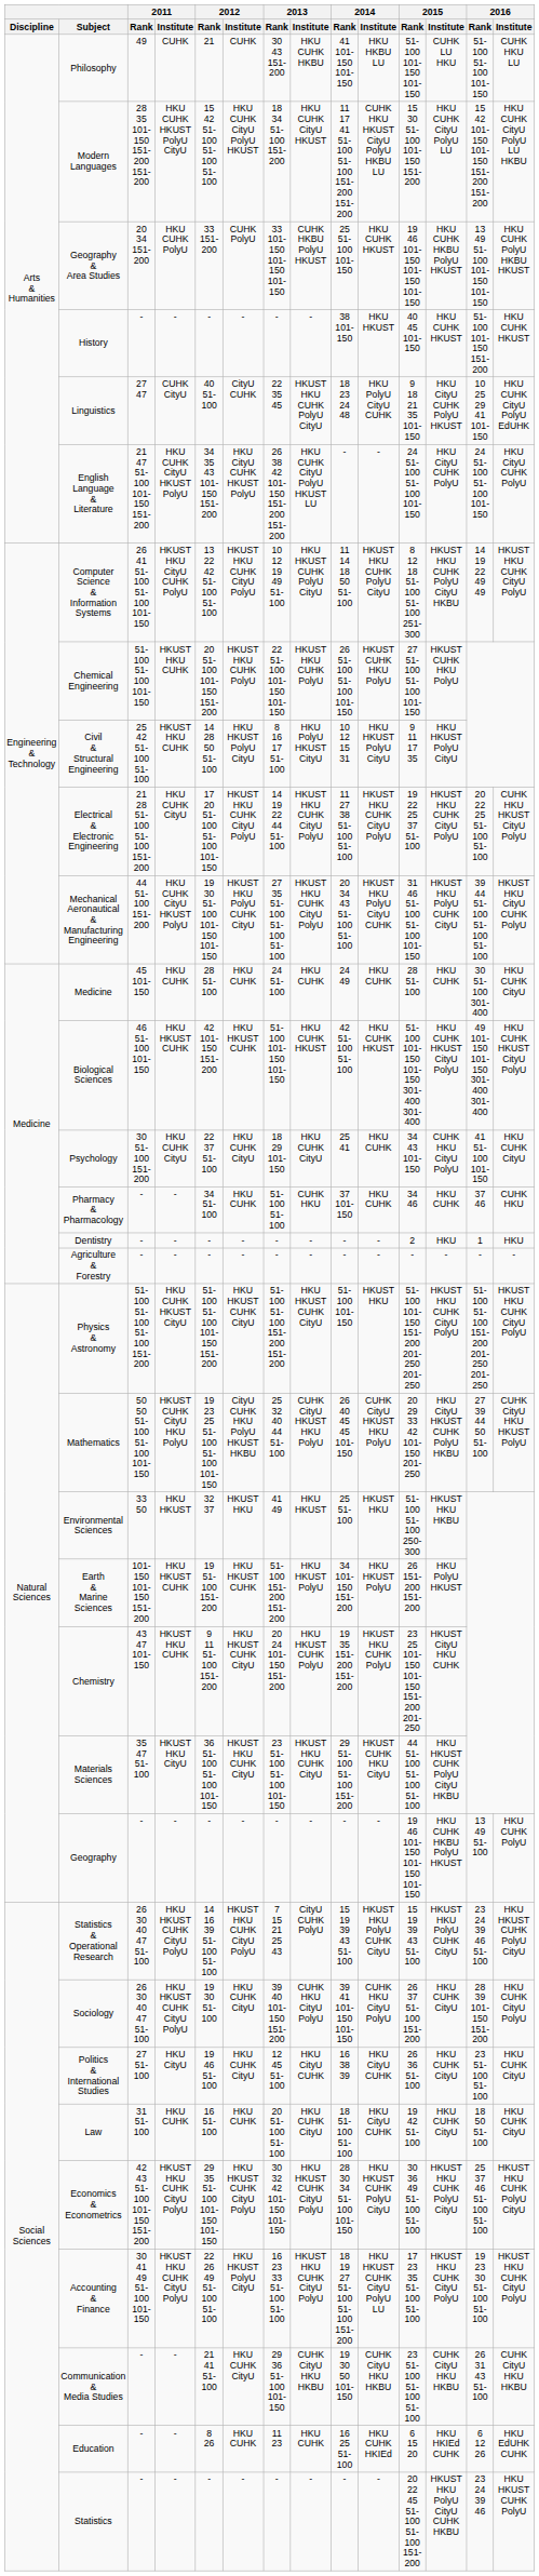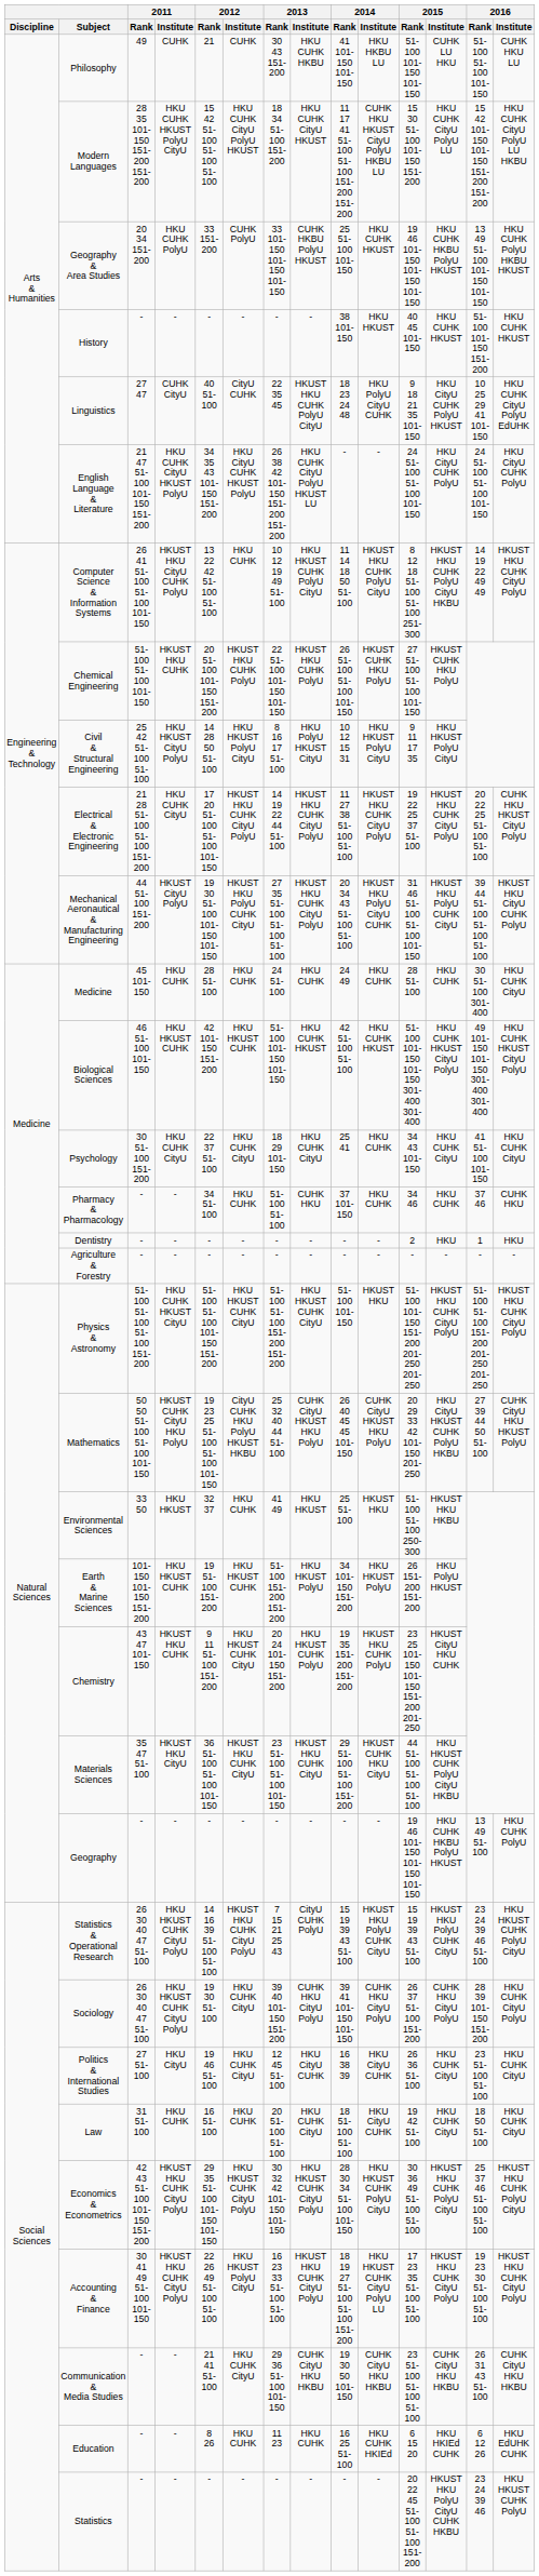 <table class="wikitable">
 <tr>
 <th colspan=2></th>
 <th colspan=2>2011</th>
 <th colspan=2>2012</th>
 <th colspan=2>2013</th>
 <th colspan=2>2014</th>
 <th colspan=2>2015</th>
 <th colspan="2">2016</th>
 </tr>
 <tr>
 <th>Discipline</th>
 <th>Subject</th>
 <th>Rank</th>
 <th>Institute</th>
 <th>Rank</th>
 <th>Institute</th>
 <th>Rank</th>
 <th>Institute</th>
 <th>Rank</th>
 <th>Institute</th>
 <th>Rank</th>
 <th>Institute</th>
 <th>Rank</th>
 <th>Institute</th>
 </tr>
 <tr align=center valign=top>
 <td rowspan=6 valign=middle>Arts<br>&<br>Humanities</td>
 <td valign=middle>Philosophy</td>
 <td> 49</td>
 <td>CUHK</td>
 <td> 21</td>
 <td>CUHK</td>
 <td> 30<br>43<br>151-200</td>
 <td>HKU<br>CUHK<br>HKBU</td>
 <td> 41<br>101-150<br>101-150</td>
 <td>HKU<br>HKBU<br>LU</td>
 <td> 51-100<br>101-150<br>101-150</td>
 <td>CUHK<br>LU<br>HKU</td>
 <td> 51-100<br>51-100<br>101-150</td>
 <td>CUHK<br>HKU<br>LU</td>
 </tr>
 <tr align=center valign=top>
 <td valign=middle>Modern Languages</td>
 <td> 28<br>35<br>101-150<br>151-200<br>151-200</td>
 <td>HKU<br>CUHK<br>HKUST<br>PolyU<br>CityU</td>
 <td> 15<br>42<br>51-100<br>51-100<br>51-100</td>
 <td>HKU<br>CUHK<br>CityU<br>PolyU<br>HKUST</td>
 <td> 18<br>34<br>51-100<br>151-200</td>
 <td>HKU<br>CUHK<br>CityU<br>HKUST</td>
 <td> 11<br>17<br>41<br>51-100<br>51-100<br>151-200<br>151-200</td>
 <td>CUHK<br>HKU<br>HKUST<br>CityU<br>PolyU<br>HKBU<br>LU</td>
 <td> 15<br>30<br>51-100<br>101-150<br>151-200</td>
 <td>HKU<br>CUHK<br>CityU<br>PolyU<br>LU</td>
 <td> 15<br>42<br>101-150<br>101-150<br>151-200<br>151-200</td>
 <td>HKU<br>CUHK<br>CityU<br>PolyU<br>LU<br>HKBU</td>
 </tr>
 <tr align=center valign=top>
 <td valign=middle>Geography<br>&<br>Area Studies</td>
 <td> 20<br>34<br>151-200</td>
 <td>HKU<br>CUHK<br>PolyU</td>
 <td> 33<br>151-200</td>
 <td>CUHK<br>PolyU</td>
 <td> 33<br>101-150<br>101-150<br>101-150</td>
 <td>CUHK<br>HKBU<br>PolyU<br>HKUST</td>
 <td> 25<br>51-100<br>101-150</td>
 <td>HKU<br>CUHK<br>HKUST</td>
 <td> 19<br>46<br>101-150<br>101-150<br>101-150</td>
 <td>HKU<br>CUHK<br>HKBU<br>PolyU<br>HKUST</td>
 <td> 13<br>49<br>51-100<br>101-150<br>101-150</td>
 <td>HKU<br>CUHK<br>PolyU<br>HKBU<br>HKUST</td>
 </tr>
 <tr align=center valign=top>
 <td valign=middle>History</td>
 <td> -</td>
 <td>-</td>
 <td> -</td>
 <td>-</td>
 <td> -</td>
 <td>-</td>
 <td> 38<br>101-150</td>
 <td>HKU<br>HKUST</td>
 <td> 40<br>45<br>101-150</td>
 <td>HKU<br>CUHK<br>HKUST</td>
 <td> 51-100<br>101-150<br>151-200</td>
 <td>HKU<br>CUHK<br>HKUST</td>
 </tr>
 <tr align=center valign=top>
 <td valign=middle>Linguistics</td>
 <td> 27<br>47</td>
 <td>CUHK<br>CityU</td>
 <td> 40<br>51-100</td>
 <td>CityU<br>CUHK</td>
 <td> 22<br>35<br>45</td>
 <td>HKUST<br>HKU<br>CUHK<br>PolyU<br>CityU</td>
 <td> 18<br>23<br>24<br>48</td>
 <td>HKU<br>PolyU<br>CityU<br>CUHK</td>
 <td> 9<br>18<br>21<br>35<br>101-150</td>
 <td>HKU<br>CityU<br>CUHK<br>PolyU<br>HKUST</td>
 <td> 10<br>25<br>29<br>41<br>101-150</td>
 <td>HKU<br>CUHK<br>CityU<br>PolyU<br>EdUHK</td>
 </tr>
 <tr align=center valign=top>
 <td valign=middle>English Language<br>&<br>Literature</td>
 <td> 21<br>47<br>51-100<br>101-150<br>151-200</td>
 <td>HKU<br>CUHK<br>CityU<br>HKUST<br>PolyU</td>
 <td> 34<br>35<br>43<br>101-150<br>151-200</td>
 <td>HKU<br>CityU<br>CUHK<br>HKUST<br>PolyU</td>
 <td> 26<br>38<br>42<br>101-150<br>151-200<br>151-200</td>
 <td>HKU<br>CUHK<br>CityU<br>PolyU<br>HKUST<br>LU</td>
 <td> -</td>
 <td>-</td>
 <td> 24<br>51-100<br>51-100<br>101-150</td>
 <td>HKU<br>CityU<br>CUHK<br>PolyU</td>
 <td> 24<br>51-100<br>51-100<br>101-150</td>
 <td>HKU<br>CityU<br>CUHK<br>PolyU</td>
 </tr>
 <tr align=center valign=top>
 <td rowspan=5 valign=middle>Engineering<br>&<br>Technology</td>
 <td valign=middle>Computer Science<br>&<br>Information Systems</td>
 <td> 26<br>41<br>51-100<br>51-100<br>101-150</td>
 <td>HKUST<br>HKU<br>CityU<br>CUHK<br>PolyU</td>
 <td> 13<br>22<br>42<br>51-100<br>51-100</td>
-<td>HKUST<br>HKU<br>CUHK<br>CityU<br>PolyU</td>
+<td>HKU<br>CUHK</td>
 <td> 10<br>12<br>19<br>49<br>51-100</td>
 <td>HKU<br>HKUST<br>CUHK<br>PolyU<br>CityU</td>
 <td> 11<br>14<br>18<br>50<br>51-100</td>
 <td>HKUST<br>HKU<br>CUHK<br>PolyU<br>CityU</td>
 <td> 8<br>12<br>18<br>51-100<br>51-100<br>251-300</td>
 <td>HKUST<br>HKU<br>CUHK<br>PolyU<br>CityU<br>HKBU</td>
 <td>14<br>19<br>22<br>49<br>49</td>
 <td>HKUST<br>HKU<br>CUHK<br>CityU<br>PolyU</td>
 </tr>
 <tr align=center valign=top>
 <td valign=middle>Chemical Engineering</td>
 <td> 51-100<br>51-100<br>101-150</td>
 <td>HKUST<br>HKU<br>CUHK</td>
 <td> 20<br>51-100<br>101-150<br>151-200</td>
 <td>HKUST<br>HKU<br>CUHK<br>PolyU</td>
 <td> 22<br>51-100<br>101-150<br>101-150</td>
 <td>HKUST<br>HKU<br>CUHK<br>PolyU</td>
 <td> 26<br>51-100<br>51-100<br>101-150</td>
 <td>HKUST<br>CUHK<br>HKU<br>PolyU</td>
 <td> 27<br>51-100<br>51-100<br>101-150</td>
 <td>HKUST<br>CUHK<br>HKU<br>PolyU</td>
 </tr>
 <tr align=center valign=top>
 <td valign=middle>Civil<br>&<br>Structural Engineering</td>
 <td> 25<br>42<br>51-100<br>51-100</td>
-<td>HKUST<br>HKU<br>CUHK</td>
+<td>HKU<br>HKUST<br>CityU<br>PolyU</td>
 <td> 14<br>28<br>50<br>51-100</td>
 <td>HKU<br>HKUST<br>PolyU<br>CityU</td>
 <td> 8<br>16<br>17<br>51-100</td>
 <td>HKU<br>PolyU<br>HKUST<br>CityU</td>
 <td> 10<br>12<br>15<br>31</td>
 <td>HKU<br>HKUST<br>PolyU<br>CityU</td>
 <td> 9<br>11<br>17<br>35</td>
 <td>HKU<br>HKUST<br>PolyU<br>CityU</td>
 </tr>
 <tr align=center valign=top>
 <td valign=middle>Electrical<br>&<br>Electronic Engineering</td>
 <td> 21<br>28<br>51-100<br>51-100<br>151-200</td>
 <td>HKU<br>CUHK<br>CityU</td>
 <td> 17<br>20<br>51-100<br>51-100<br>101-150</td>
 <td>HKUST<br>HKU<br>CUHK<br>CityU<br>PolyU</td>
 <td> 14<br>19<br>22<br>44<br>51-100</td>
 <td>HKUST<br>HKU<br>CUHK<br>CityU<br>PolyU</td>
 <td> 11<br>27<br>38<br>51-100<br>51-100</td>
 <td>HKUST<br>HKU<br>CUHK<br>CityU<br>PolyU</td>
 <td> 19<br>22<br>25<br>37<br>51-100</td>
 <td>HKUST<br>HKU<br>CUHK<br>CityU<br>PolyU</td>
 <td>20<br>22<br>25<br>51-100<br>51-100</td>
 <td>CUHK<br>HKU<br>HKUST<br>CityU<br>PolyU</td>
 </tr>
 <tr align=center valign=top>
 <td valign=middle>Mechanical<br>Aeronautical<br>&<br>Manufacturing Engineering</td>
 <td> 44<br>51-100<br>151-200</td>
-<td>HKU<br>CUHK<br>CityU<br>HKUST<br>PolyU</td>
+<td>HKUST<br>CityU<br>PolyU</td>
 <td> 19<br>30<br>51-100<br>101-150<br>101-150</td>
 <td>HKUST<br>HKU<br>PolyU<br>CUHK<br>CityU</td>
 <td> 27<br>35<br>51-100<br>51-100<br>51-100</td>
 <td>HKUST<br>HKU<br>CUHK<br>CityU<br>PolyU</td>
 <td> 20<br>34<br>43<br>51-100<br>51-100</td>
 <td>HKUST<br>HKU<br>PolyU<br>CityU<br>CUHK</td>
 <td> 31<br>46<br>51-100<br>51-100<br>101-150</td>
 <td>HKUST<br>HKU<br>PolyU<br>CUHK<br>CityU</td>
 <td>39<br>44<br>51-100<br>51-100<br>51-100</td>
 <td>HKUST<br>HKU<br>CityU<br>CUHK<br>PolyU</td>
 </tr>
 <tr align=center valign=top>
 <td rowspan="6" valign="middle">Medicine</td>
 <td valign=middle>Medicine</td>
 <td> 45<br>101-150</td>
 <td>HKU<br>CUHK</td>
 <td> 28<br>51-100</td>
 <td>HKU<br>CUHK</td>
 <td> 24<br>51-100</td>
 <td>HKU<br>CUHK</td>
 <td> 24<br>49</td>
 <td>HKU<br>CUHK</td>
 <td> 28<br>51-100</td>
 <td>HKU<br>CUHK</td>
 <td> 30<br>51-100<br>301-400</td>
 <td>HKU<br>CUHK<br>CityU</td>
 </tr>
 <tr align=center valign=top>
 <td valign=middle>Biological Sciences</td>
 <td> 46<br>51-100<br>101-150</td>
 <td>HKU<br>HKUST<br>CUHK</td>
 <td> 42<br>101-150<br>151-200</td>
 <td>HKU<br>HKUST<br>CUHK</td>
 <td> 51-100<br>101-150<br>101-150</td>
 <td>HKU<br>CUHK<br>HKUST</td>
 <td> 42<br>51-100<br>51-100</td>
 <td>HKU<br>CUHK<br>HKUST</td>
 <td> 51-100<br>101-150<br>101-150<br>301-400<br>301-400</td>
 <td>HKU<br>CUHK<br>HKUST<br>CityU<br>PolyU</td>
 <td> 49<br>101-150<br>101-150<br>301-400<br>301-400</td>
 <td>HKU<br>CUHK<br>HKUST<br>CityU<br>PolyU</td>
 </tr>
 <tr align=center valign=top>
 <td valign=middle>Psychology</td>
 <td> 30<br>51-100<br>151-200</td>
 <td>HKU<br>CUHK<br>CityU</td>
 <td> 22<br>37<br>51-100</td>
 <td>HKU<br>CUHK<br>CityU</td>
 <td> 18<br>29<br>101-150</td>
 <td>HKU<br>CUHK<br>CityU</td>
 <td> 25<br>41</td>
 <td>HKU<br>CUHK</td>
 <td> 34<br>43<br>101-150</td>
-<td>CUHK<br>HKU<br>CityU<br>PolyU</td>
+<td>HKU<br>CUHK<br>CityU</td>
 <td> 41<br>51-100<br>101-150</td>
 <td>HKU<br>CUHK<br>CityU</td>
 </tr>
 <tr align=center valign=top>
 <td valign=middle>Pharmacy<br>&<br>Pharmacology</td>
 <td> -</td>
 <td>-</td>
 <td> 34<br>51-100</td>
 <td>HKU<br>CUHK</td>
 <td> 51-100<br>51-100</td>
 <td>CUHK<br>HKU</td>
 <td> 37<br>101-150</td>
 <td>HKU<br>CUHK</td>
 <td> 34<br>46</td>
 <td>HKU<br>CUHK</td>
 <td> 37<br>46</td>
 <td>CUHK<br>HKU</td>
 </tr>
 <tr align=center valign=top>
 <td valign=middle>Dentistry</td>
 <td> -</td>
 <td>-</td>
 <td> -</td>
 <td>-</td>
 <td> -</td>
 <td>-</td>
 <td> -</td>
 <td>-</td>
 <td> 2<br></td>
 <td>HKU<br></td>
 <td> 1<br></td>
 <td>HKU</td>
 </tr>
 <tr align=center valign=top>
 <td valign=middle>Agriculture<br>&<br>Forestry</td>
 <td> -</td>
 <td>-</td>
 <td> -</td>
 <td>-</td>
 <td> -</td>
 <td>-</td>
 <td> -</td>
 <td>-</td>
 <td> -</td>
 <td>-</td>
 <td> -</td>
 <td>-</td>
 </tr>
 <tr align=center valign=top>
 <td rowspan=7 valign=middle>Natural Sciences</td>
 <td valign=middle>Physics<br>&<br>Astronomy</td>
 <td> 51-100<br>51-100<br>51-100<br>151-200<br></td>
 <td>HKU<br>CUHK<br>HKUST<br>CityU</td>
 <td> 51-100<br>51-100<br>101-150<br>151-200<br></td>
 <td>HKU<br>HKUST<br>CUHK<br>CityU</td>
 <td> 51-100<br>51-100<br>151-200<br>151-200<br></td>
 <td>HKU<br>HKUST<br>CUHK<br>CityU</td>
 <td> 51-100<br>101-150</td>
 <td>HKUST<br>HKU</td>
 <td> 51-100<br>101-150<br>151-200<br>201-250<br>201-250</td>
 <td>HKUST<br>HKU<br>CUHK<br>CityU<br>PolyU</td>
 <td>51-100<br>51-100<br>151-200<br>201-250<br>201-250</td>
 <td>HKUST<br>HKU<br>CUHK<br>CityU<br>PolyU</td>
 </tr>
 <tr align=center valign=top>
 <td valign=middle>Mathematics</td>
 <td> 50<br>50<br>51-100<br>51-100<br>101-150</td>
 <td>HKUST<br>CUHK<br>CityU<br>HKU<br>PolyU</td>
 <td> 19<br>23<br>25<br>51-100<br>51-100<br>101-150</td>
 <td>CityU<br>CUHK<br>HKU<br>PolyU<br>HKUST<br>HKBU</td>
 <td> 25<br>32<br>40<br>44<br>51-100</td>
 <td>CUHK<br>CityU<br>HKUST<br>HKU<br>PolyU</td>
 <td> 26<br>40<br>45<br>45<br>101-150</td>
 <td>CUHK<br>CityU<br>HKUST<br>HKU<br>PolyU</td>
 <td> 20<br>29<br>33<br>42<br>101-150<br>201-250</td>
 <td>HKU<br>CityU<br>HKUST<br>CUHK<br>PolyU<br>HKBU</td>
 <td>27<br>39<br>44<br>50<br>51-100</td>
 <td>CUHK<br>CityU<br>HKU<br>HKUST<br>PolyU</td>
 </tr>
 <tr align=center valign=top>
 <td valign=middle>Environmental Sciences</td>
 <td> 33<br>50</td>
 <td>HKU<br>HKUST</td>
 <td> 32<br>37</td>
-<td>HKUST<br>HKU</td>
+<td>HKU<br>CUHK</td>
 <td> 41<br>49</td>
 <td>HKU<br>HKUST</td>
 <td> 25<br>51-100</td>
 <td>HKUST<br>HKU</td>
 <td> 51-100<br>51-100<br>250-300</td>
 <td>HKUST<br>HKU<br>HKBU</td>
 </tr>
 <tr align=center valign=top>
 <td valign=middle>Earth<br>&<br>Marine Sciences</td>
 <td> 101-150<br>101-150<br>151-200</td>
 <td>HKU<br>HKUST<br>CUHK</td>
 <td> 19<br>51-100<br>151-200</td>
 <td>HKU<br>HKUST<br>CUHK</td>
 <td> 51-100<br>151-200<br>151-200</td>
 <td>HKU<br>HKUST<br>PolyU</td>
 <td> 34<br>101-150<br>151-200</td>
 <td>HKU<br>HKUST<br>PolyU</td>
 <td> 26<br>151-200<br>151-200</td>
 <td>HKU<br>PolyU<br>HKUST</td>
 </tr>
 <tr align=center valign=top>
 <td valign=middle>Chemistry</td>
 <td> 43<br>47<br>101-150</td>
 <td>HKUST<br>HKU<br>CUHK</td>
 <td> 9<br>11<br>51-100<br>151-200</td>
 <td>HKU<br>HKUST<br>CUHK<br>CityU</td>
 <td> 20<br>24<br>101-150<br>151-200</td>
 <td>HKU<br>HKUST<br>CUHK<br>PolyU</td>
 <td> 19<br>35<br>151-200<br>151-200</td>
 <td>HKUST<br>HKU<br>CUHK<br>PolyU</td>
 <td> 23<br>25<br>101-150<br>101-150<br>151-200<br>201-250</td>
 <td>HKUST<br>CityU<br>HKU<br>CUHK</td>
 </tr>
 <tr align=center valign=top>
 <td valign=middle>Materials Sciences</td>
 <td> 35<br>47<br>51-100</td>
 <td>HKUST<br>HKU<br>CityU</td>
 <td> 36<br>51-100<br>51-100<br>101-150</td>
 <td>HKUST<br>HKU<br>CUHK<br>CityU</td>
 <td> 23<br>51-100<br>51-100<br>101-150</td>
 <td>HKUST<br>HKU<br>CUHK<br>CityU</td>
 <td> 29<br>51-100<br>51-100<br>151-200</td>
 <td>HKUST<br>CUHK<br>HKU<br>CityU</td>
 <td> 44<br>51-100<br>51-100<br>51-100</td>
 <td>HKU<br>HKUST<br>CUHK<br>PolyU<br>CityU<br>HKBU</td>
 </tr>
 <tr align=center valign=top>
 <td valign=middle>Geography</td>
 <td> -</td>
 <td>-</td>
 <td> -</td>
 <td>-</td>
 <td> -</td>
 <td>-</td>
 <td> -</td>
 <td>-</td>
 <td> 19<br>46<br>101-150<br>101-150<br>101-150</td>
 <td>HKU<br>CUHK<br>HKBU<br>PolyU<br>HKUST</td>
 <td>13<br>49<br>51-100</td>
 <td>HKU<br>CUHK<br>PolyU</td>
 </tr>
 <tr align=center valign=top>
 <td rowspan=9 valign=middle>Social Sciences</td>
 <td valign=middle>Statistics<br>&<br>Operational Research</td>
 <td> 26<br>30<br>40<br>47<br>51-100</td>
 <td>HKU<br>HKUST<br>CUHK<br>CityU<br>PolyU</td>
 <td> 14<br>16<br>39<br>51-100<br>51-100</td>
 <td>HKUST<br>HKU<br>CUHK<br>CityU<br>PolyU</td>
 <td> 7<br>15<br>21<br>25<br>43</td>
 <td>CityU<br>CUHK<br>PolyU</td>
 <td> 15<br>19<br>39<br>43<br>51-100</td>
 <td>HKUST<br>HKU<br>PolyU<br>CUHK<br>CityU</td>
 <td> 15<br>19<br>39<br>43<br>51-100</td>
 <td>HKUST<br>HKU<br>PolyU<br>CUHK<br>CityU</td>
 <td> 23<br>24<br>39<br>46<br>51-100</td>
 <td>HKU<br>HKUST<br>CUHK<br>PolyU<br>CityU</td>
 </tr>
 <tr align=center valign=top>
 <td valign=middle>Sociology</td>
 <td> 26<br>30<br>40<br>47<br>51-100</td>
 <td>HKU<br>HKUST<br>CUHK<br>CityU<br>PolyU</td>
 <td> 19<br>30<br>51-100</td>
 <td>HKU<br>CUHK<br>CityU</td>
 <td> 39<br>40<br>101-150<br>151-200</td>
 <td>CUHK<br>HKU<br>CityU<br>PolyU</td>
 <td> 39<br>41<br>101-150<br>101-150</td>
 <td>CUHK<br>HKU<br>CityU<br>PolyU</td>
 <td> 26<br>37<br>51-100<br>151-200</td>
-<td>HKU<br>CUHK<br>CityU</td>
+<td>CUHK<br>HKU<br>CityU<br>PolyU</td>
 <td> 28<br>39<br>101-150<br>151-200</td>
 <td>HKU<br>CUHK<br>CityU<br>PolyU</td>
 </tr>
 <tr align=center valign=top>
 <td valign=middle>Politics<br>&<br>International Studies</td>
 <td> 27<br>51-100</td>
 <td>HKU<br>CityU</td>
 <td> 19<br>46<br>51-100</td>
 <td>HKU<br>CUHK<br>CityU</td>
 <td> 12<br>45<br>51-100</td>
 <td>HKU<br>CityU<br>CUHK</td>
 <td> 16<br>38<br>39</td>
 <td>HKU<br>CityU<br>CUHK</td>
 <td> 26<br>36<br>51-100</td>
 <td>HKU<br>CUHK<br>CityU</td>
 <td> 23<br>51-100<br>51-100</td>
 <td>HKU<br>CUHK<br>CityU</td>
 </tr>
 <tr align=center valign=top>
 <td valign=middle>Law</td>
 <td> 31<br>51-100</td>
 <td>HKU<br>CUHK</td>
 <td> 16<br>51-100</td>
 <td>HKU<br>CUHK</td>
 <td> 20<br>51-100<br>51-100</td>
 <td>HKU<br>CUHK<br>CityU</td>
 <td> 18<br>51-100<br>51-100</td>
 <td>HKU<br>CityU<br>CUHK</td>
 <td> 19<br>42<br>51-100</td>
 <td>HKU<br>CUHK<br>CityU</td>
 <td> 18<br>50<br>51-100</td>
 <td>HKU<br>CUHK<br>CityU</td>
 </tr>
 <tr align=center valign=top>
 <td valign=middle>Economics<br>&<br>Econometrics</td>
 <td> 42<br>43<br>51-100<br>101-150<br>151-200</td>
 <td>HKUST<br>HKU<br>CUHK<br>CityU<br>PolyU</td>
 <td> 29<br>35<br>51-100<br>101-150<br>101-150</td>
 <td>HKU<br>HKUST<br>CUHK<br>CityU<br>PolyU</td>
 <td> 30<br>32<br>42<br>101-150<br>101-150</td>
 <td>HKU<br>HKUST<br>CUHK<br>CityU<br>PolyU</td>
 <td> 28<br>30<br>34<br>51-100<br>101-150</td>
 <td>HKU<br>HKUST<br>CUHK<br>PolyU<br>CityU</td>
 <td> 30<br>36<br>49<br>51-100<br>51-100</td>
 <td>HKUST<br>HKU<br>CUHK<br>PolyU<br>CityU</td>
 <td> 25<br>37<br>46<br>51-100<br>51-100</td>
 <td>HKUST<br>HKU<br>CUHK<br>PolyU<br>CityU</td>
 </tr>
 <tr align=center valign=top>
 <td valign=middle>Accounting<br>&<br>Finance</td>
 <td> 30<br>41<br>49<br>51-100<br>101-150</td>
 <td>HKUST<br>HKU<br>CUHK<br>CityU<br>PolyU</td>
 <td> 22<br>26<br>49<br>51-100<br>51-100</td>
 <td>HKU<br>HKUST<br>PolyU<br>CityU</td>
 <td> 16<br>23<br>33<br>51-100<br>51-100</td>
 <td>HKUST<br>HKU<br>CUHK<br>CityU<br>PolyU</td>
 <td> 18<br>19<br>27<br>51-100<br>51-100<br>151-200</td>
 <td>HKU<br>HKUST<br>CUHK<br>CityU<br>PolyU<br>LU</td>
 <td> 17<br>23<br>35<br>51-100<br>51-100</td>
 <td>HKUST<br>HKU<br>CUHK<br>CityU<br>PolyU</td>
 <td> 19<br>23<br>30<br>51-100<br>51-100</td>
 <td>HKUST<br>HKU<br>CUHK<br>CityU<br>PolyU</td>
 </tr>
 <tr align=center valign=top>
 <td valign=middle>Communication<br>&<br>Media Studies</td>
 <td> -</td>
 <td>-</td>
 <td> 21<br>41<br>51-100</td>
 <td>HKU<br>CUHK<br>CityU</td>
 <td> 29<br>36<br>51-100<br>101-150</td>
 <td>CUHK<br>CityU<br>HKU<br>HKBU</td>
 <td> 19<br>30<br>50<br>101-150</td>
 <td>CUHK<br>CityU<br>HKU<br>HKBU</td>
 <td> 23<br>51-100<br>51-100<br>51-100</td>
 <td>CUHK<br>CityU<br>HKU<br>HKBU</td>
 <td> 26<br>31<br>43<br>51-100</td>
 <td>CUHK<br>CityU<br>HKU<br>HKBU</td>
 </tr>
 <tr align=center valign=top>
 <td valign=middle>Education</td>
 <td> -</td>
 <td>-</td>
 <td> 8<br>26</td>
 <td>HKU<br>CUHK</td>
 <td> 11<br>23</td>
 <td>HKU<br>CUHK</td>
 <td> 16<br>25<br>51-100</td>
 <td>HKU<br>CUHK<br>HKIEd</td>
 <td> 6<br>15<br>20</td>
 <td>HKU<br>HKIEd<br>CUHK</td>
 <td> 6<br>12<br>26</td>
 <td>HKU<br>EdUHK<br>CUHK</td>
 </tr>
 <tr align=center valign=top>
 <td valign=middle>Statistics</td>
 <td> -</td>
 <td>-</td>
 <td> -</td>
 <td>-</td>
 <td> -</td>
 <td>-</td>
 <td> -</td>
 <td>-</td>
 <td> 20<br>22<br>45<br>51-100<br>51-100<br>151-200</td>
 <td>HKUST<br>HKU<br>PolyU<br>CityU<br>CUHK<br>HKBU</td>
 <td>23<br>24<br>39<br>46</td>
 <td>HKU<br>HKUST<br>CUHK<br>PolyU</td>
 </tr>
 </table>
